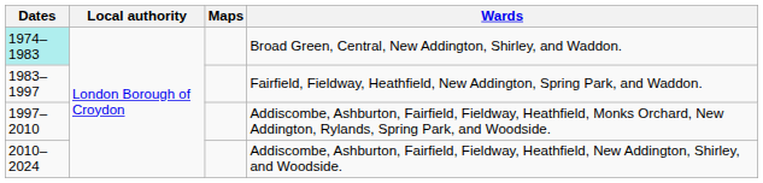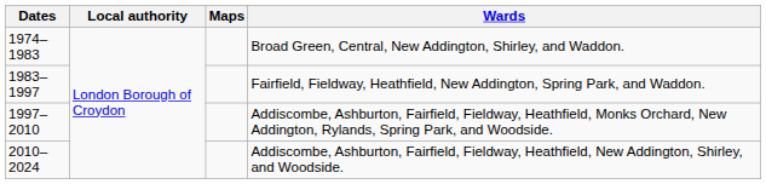 <table class=wikitable>
 <tr>
 <th>Dates</th>
 <th>Local authority</th>
 <th>Maps</th>
 <th><a href='#'>Wards</a></th>
 </tr>
 <tr>
-<td style="background: paleturquoise;">1974–1983</td>
+<td>1974–1983</td>
 <td rowspan="4"><a href='#'>London Borough of Croydon</a></td>
 <td></td>
 <td>Broad Green, Central, New Addington, Shirley, and Waddon.</td>
 </tr>
 <tr>
 <td>1983–1997</td>
 <td></td>
 <td>Fairfield, Fieldway, Heathfield, New Addington, Spring Park, and Waddon.</td>
 </tr>
 <tr>
 <td>1997–2010</td>
 <td></td>
 <td>Addiscombe, Ashburton, Fairfield, Fieldway, Heathfield, Monks Orchard, New Addington, Rylands, Spring Park, and Woodside.</td>
 </tr>
 <tr>
 <td>2010–2024</td>
 <td></td>
 <td>Addiscombe, Ashburton, Fairfield, Fieldway, Heathfield, New Addington, Shirley, and Woodside.</td>
 </tr>
 </table>
